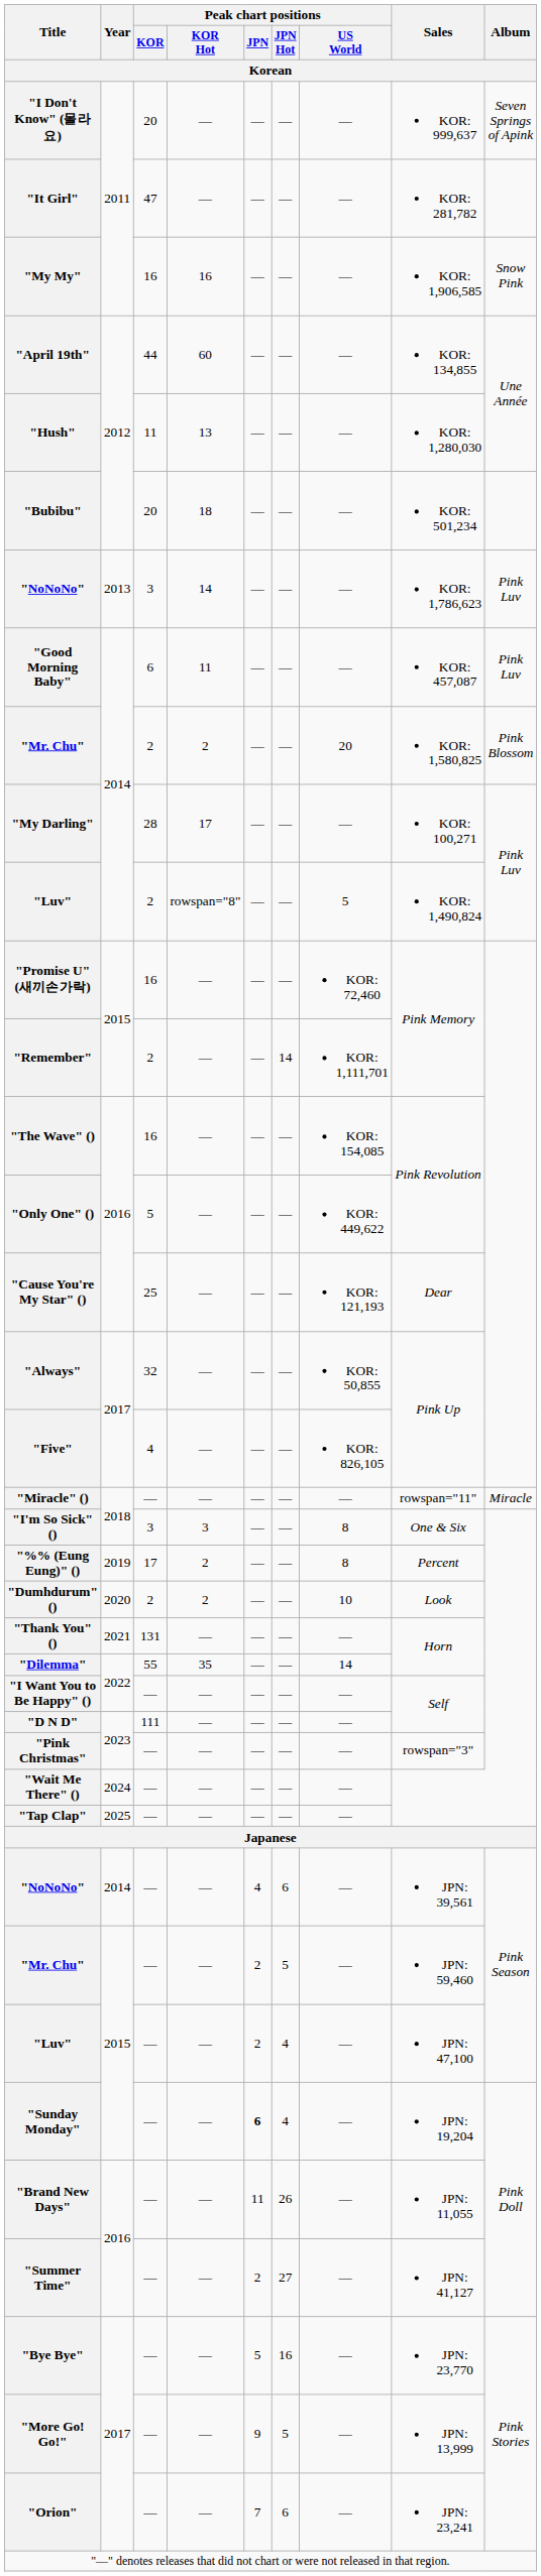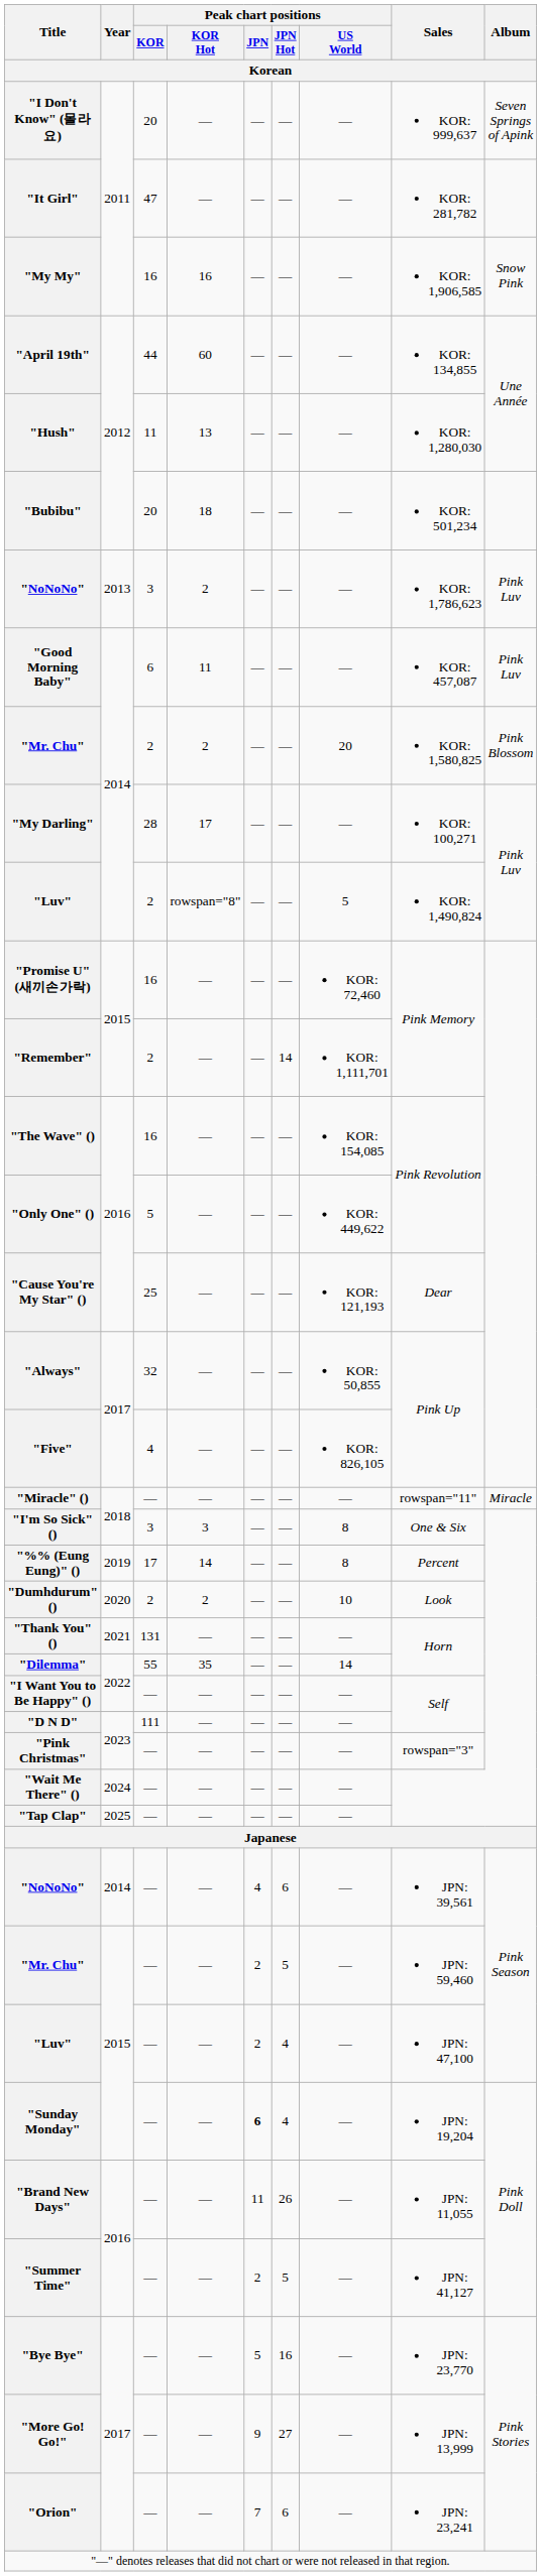 <table class="wikitable plainrowheaders" style="text-align:center;">
 <tr>
 <th scope="col" rowspan="2" style="width:20em;">Title</th>
 <th scope="col" rowspan="2">Year</th>
 <th colspan="5" scope="col">Peak chart positions</th>
 <th scope="col" rowspan="2">Sales</th>
 <th scope="col" rowspan="2">Album</th>
 </tr>
 <tr>
 <th scope="col" style="width:3em;font-size:90%;"><a href='#'>KOR</a><br></th>
 <th scope="col" style="width:3em;font-size:90%;"><a href='#'>KOR<br>Hot</a><br></th>
 <th scope="col" style="width:3em;font-size:90%;"><a href='#'>JPN</a><br></th>
 <th scope="col" style="width:3em;font-size:90%;"><a href='#'>JPN<br>Hot</a><br></th>
 <th scope="col" style="width:3em;font-size:90%;"><a href='#'>US<br>World</a><br></th>
 </tr>
 <tr>
 <th colspan="10">Korean</th>
 </tr>
 <tr>
 <th scope="row">"I Don't Know" (몰라요)</th>
 <td rowspan="3">2011</td>
 <td>20</td>
 <td>—</td>
 <td>—</td>
 <td>—</td>
 <td>—</td>
 <td><br><ul><li>KOR: 999,637</li></ul></td>
 <td><em>Seven Springs of Apink</em></td>
 </tr>
 <tr>
 <th scope="row">"It Girl" </th>
 <td>47</td>
 <td>—</td>
 <td>—</td>
 <td>—</td>
 <td>—</td>
 <td><br><ul><li>KOR: 281,782</li></ul></td>
 <td></td>
 </tr>
 <tr>
 <th scope="row">"My My"</th>
 <td>16</td>
 <td>16</td>
 <td>—</td>
 <td>—</td>
 <td>—</td>
 <td><br><ul><li>KOR: 1,906,585</li></ul></td>
 <td><em>Snow Pink</em></td>
 </tr>
 <tr>
 <th scope="row">"April 19th"</th>
 <td rowspan="3">2012</td>
 <td>44</td>
 <td>60</td>
 <td>—</td>
 <td>—</td>
 <td>—</td>
 <td><br><ul><li>KOR: 134,855</li></ul></td>
 <td rowspan="2"><em>Une Année</em></td>
 </tr>
 <tr>
 <th scope="row">"Hush"</th>
 <td>11</td>
 <td>13</td>
 <td>—</td>
 <td>—</td>
 <td>—</td>
 <td><br><ul><li>KOR: 1,280,030</li></ul></td>
 </tr>
 <tr>
 <th scope="row">"Bubibu" </th>
 <td>20</td>
 <td>18</td>
 <td>—</td>
 <td>—</td>
 <td>—</td>
 <td><br><ul><li>KOR: 501,234</li></ul></td>
 <td></td>
 </tr>
 <tr>
 <th scope="row">"<a href='#'>NoNoNo</a>"</th>
 <td>2013</td>
 <td>3</td>
-<td>14</td>
+<td>2</td>
 <td>—</td>
 <td>—</td>
 <td>—</td>
 <td><br><ul><li>KOR: 1,786,623</li></ul></td>
 <td><em>Pink Luv</em></td>
 </tr>
 <tr>
 <th scope="row">"Good Morning Baby"</th>
 <td rowspan="4">2014</td>
 <td>6</td>
 <td>11</td>
 <td>—</td>
 <td>—</td>
 <td>—</td>
 <td><br><ul><li>KOR: 457,087</li></ul></td>
 <td><em>Pink Luv</em></td>
 </tr>
 <tr>
 <th scope="row">"<a href='#'>Mr. Chu</a>" </th>
 <td>2</td>
 <td>2</td>
 <td>—</td>
 <td>—</td>
 <td>20</td>
 <td><br><ul><li>KOR: 1,580,825</li></ul></td>
 <td><em>Pink Blossom</em></td>
 </tr>
 <tr>
 <th scope="row">"My Darling" <br></th>
 <td>28</td>
 <td>17</td>
 <td>—</td>
 <td>—</td>
 <td>—</td>
 <td><br><ul><li>KOR: 100,271</li></ul></td>
 <td rowspan="2"><em>Pink Luv</em></td>
 </tr>
 <tr>
 <th scope="row">"Luv"</th>
 <td>2</td>
 <td>rowspan="8" </td>
 <td>—</td>
 <td>—</td>
 <td>5</td>
 <td><br><ul><li>KOR: 1,490,824</li></ul></td>
 </tr>
 <tr>
 <th scope="row">"Promise U" (새끼손가락)</th>
 <td rowspan="2">2015</td>
 <td>16</td>
 <td>—</td>
 <td>—</td>
 <td>—</td>
 <td><br><ul><li>KOR: 72,460</li></ul></td>
 <td rowspan="2"><em>Pink Memory</em></td>
 </tr>
 <tr>
 <th scope="row">"Remember"</th>
 <td>2</td>
 <td>—</td>
 <td>—</td>
 <td>14</td>
 <td><br><ul><li>KOR: 1,111,701</li></ul></td>
 </tr>
 <tr https://www.youtube.com/watch?v=nzljAKtsOuw>
 <th scope="row">"The Wave" ()</th>
 <td rowspan="3">2016</td>
 <td>16</td>
 <td>—</td>
 <td>—</td>
 <td>—</td>
 <td><br><ul><li>KOR: 154,085</li></ul></td>
 <td rowspan=2><em>Pink Revolution</em></td>
 </tr>
 <tr>
 <th scope="row">"Only One" ()</th>
 <td>5</td>
 <td>—</td>
 <td>—</td>
 <td>—</td>
 <td><br><ul><li>KOR: 449,622</li></ul></td>
 </tr>
 <tr>
 <th scope="row">"Cause You're My Star" ()</th>
 <td>25</td>
 <td>—</td>
 <td>—</td>
 <td>—</td>
 <td><br><ul><li>KOR: 121,193</li></ul></td>
 <td><em>Dear</em></td>
 </tr>
 <tr>
 <th scope="row">"Always"</th>
 <td rowspan="2">2017</td>
 <td>32</td>
 <td>—</td>
 <td>—</td>
 <td>—</td>
 <td><br><ul><li>KOR: 50,855</li></ul></td>
 <td rowspan="2"><em>Pink Up</em></td>
 </tr>
 <tr>
 <th scope="row">"Five"</th>
 <td>4</td>
 <td>—</td>
 <td>—</td>
 <td>—</td>
 <td><br><ul><li>KOR: 826,105</li></ul></td>
 </tr>
 <tr>
 <th scope="row">"Miracle" ()</th>
 <td rowspan="2">2018</td>
 <td>—</td>
 <td>—</td>
 <td>—</td>
 <td>—</td>
 <td>—</td>
 <td>rowspan="11" </td>
 <td><em>Miracle</em></td>
 </tr>
 <tr>
 <th scope="row">"I'm So Sick" ()</th>
 <td>3</td>
 <td>3</td>
 <td>—</td>
 <td>—</td>
 <td>8</td>
 <td><em>One & Six</em></td>
 </tr>
 <tr>
 <th scope="row">"%% (Eung Eung)" ()</th>
 <td>2019</td>
 <td>17</td>
-<td>2</td>
+<td>14</td>
 <td>—</td>
 <td>—</td>
 <td>8</td>
 <td><em>Percent</em></td>
 </tr>
 <tr>
 <th scope="row">"Dumhdurum" ()</th>
 <td>2020</td>
 <td>2</td>
 <td>2</td>
 <td>—</td>
 <td>—</td>
 <td>10</td>
 <td><em>Look</em></td>
 </tr>
 <tr>
 <th scope="row">"Thank You" ()</th>
 <td>2021</td>
 <td>131</td>
 <td>—</td>
 <td>—</td>
 <td>—</td>
 <td>—</td>
 <td rowspan="2"><em>Horn</em></td>
 </tr>
 <tr>
 <th scope="row">"<a href='#'>Dilemma</a>"</th>
 <td rowspan="2">2022</td>
 <td>55</td>
 <td>35</td>
 <td>—</td>
 <td>—</td>
 <td>14</td>
 </tr>
 <tr>
 <th scope="row">"I Want You to Be Happy" ()</th>
 <td>—</td>
 <td>—</td>
 <td>—</td>
 <td>—</td>
 <td>—</td>
 <td rowspan="2"><em>Self</em></td>
 </tr>
 <tr>
 <th scope="row">"D N D"</th>
 <td rowspan="2">2023</td>
 <td>111</td>
 <td>—</td>
 <td>—</td>
 <td>—</td>
 <td>—</td>
 </tr>
 <tr>
 <th scope="row">"Pink Christmas"</th>
 <td>—</td>
 <td>—</td>
 <td>—</td>
 <td>—</td>
 <td>—</td>
 <td>rowspan="3" </td>
 </tr>
 <tr>
 <th scope="row">"Wait Me There" ()</th>
 <td scope="row">2024</td>
 <td>—</td>
 <td>—</td>
 <td>—</td>
 <td>—</td>
 <td>—</td>
 </tr>
 <tr>
 <th scope="row">"Tap Clap"</th>
 <td scope="row">2025</td>
 <td>—</td>
 <td>—</td>
 <td>—</td>
 <td>—</td>
 <td>—</td>
 </tr>
 <tr>
 <th colspan="10">Japanese</th>
 </tr>
 <tr>
 <th scope="row">"<a href='#'>NoNoNo</a>"</th>
 <td>2014</td>
 <td>—</td>
 <td>—</td>
 <td>4</td>
 <td>6</td>
 <td>—</td>
 <td><br><ul><li>JPN: 39,561</li></ul></td>
 <td rowspan="3"><em>Pink Season</em></td>
 </tr>
 <tr>
 <th scope="row">"<a href='#'>Mr. Chu</a>"</th>
 <td rowspan="3">2015</td>
 <td>—</td>
 <td>—</td>
 <td>2</td>
 <td>5</td>
 <td>—</td>
 <td><br><ul><li>JPN: 59,460</li></ul></td>
 </tr>
 <tr>
 <th scope="row">"Luv"</th>
 <td>—</td>
 <td>—</td>
 <td>2</td>
 <td>4</td>
 <td>—</td>
 <td><br><ul><li>JPN: 47,100</li></ul></td>
 </tr>
 <tr>
 <th scope="row">"Sunday Monday"</th>
 <td>—</td>
 <td>—</td>
 <td><strong>6</strong></td>
 <td>4</td>
 <td>—</td>
 <td><br><ul><li>JPN: 19,204</li></ul></td>
 <td rowspan="3"><em>Pink Doll</em></td>
 </tr>
 <tr>
 <th scope="row">"Brand New Days"</th>
 <td rowspan="2">2016</td>
 <td>—</td>
 <td>—</td>
 <td>11</td>
 <td>26</td>
 <td>—</td>
 <td><br><ul><li>JPN: 11,055</li></ul></td>
 </tr>
 <tr>
 <th scope="row">"Summer Time"</th>
 <td>—</td>
 <td>—</td>
 <td>2</td>
-<td>27</td>
+<td>5</td>
 <td>—</td>
 <td><br><ul><li>JPN: 41,127</li></ul></td>
 </tr>
 <tr>
 <th scope="row">"Bye Bye"</th>
 <td rowspan="3">2017</td>
 <td>—</td>
 <td>—</td>
 <td>5</td>
 <td>16</td>
 <td>—</td>
 <td><br><ul><li>JPN: 23,770</li></ul></td>
 <td rowspan="3"><em>Pink Stories</em></td>
 </tr>
 <tr>
 <th scope="row">"More Go! Go!"</th>
 <td>—</td>
 <td>—</td>
 <td>9</td>
-<td>5</td>
+<td>27</td>
 <td>—</td>
 <td><br><ul><li>JPN: 13,999</li></ul></td>
 </tr>
 <tr>
 <th scope="row">"Orion"</th>
 <td>—</td>
 <td>—</td>
 <td>7</td>
 <td>6</td>
 <td>—</td>
 <td><br><ul><li>JPN: 23,241</li></ul></td>
 </tr>
 <tr>
 <td colspan="10" style="font-size:90%">"—" denotes releases that did not chart or were not released in that region.</td>
 </tr>
 </table>
